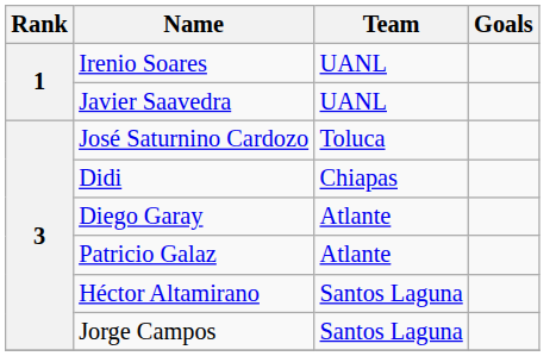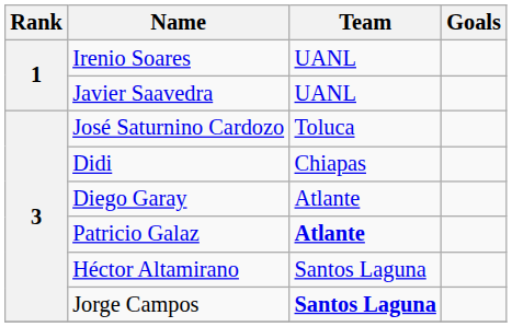 <table class="wikitable">
 <tr>
 <th>Rank</th>
 <th>Name</th>
 <th>Team</th>
 <th>Goals</th>
 </tr>
 <tr>
 <th rowspan=2>1</th>
 <td> <a href='#'>Irenio Soares</a></td>
 <td><a href='#'>UANL</a></td>
 <td></td>
 </tr>
 <tr>
 <td> <a href='#'>Javier Saavedra</a></td>
 <td><a href='#'>UANL</a></td>
 <td></td>
 </tr>
 <tr>
 <th rowspan=6>3</th>
 <td> <a href='#'>José Saturnino Cardozo</a></td>
 <td><a href='#'>Toluca</a></td>
 <td></td>
 </tr>
 <tr>
 <td> <a href='#'>Didi</a></td>
 <td><a href='#'>Chiapas</a></td>
 <td></td>
 </tr>
 <tr>
 <td> <a href='#'>Diego Garay</a></td>
 <td><a href='#'>Atlante</a></td>
 <td></td>
 </tr>
 <tr>
 <td> <a href='#'>Patricio Galaz</a></td>
-<td><a href='#'>Atlante</a></td>
+<td><strong><a href='#'>Atlante</a></strong></td>
 <td></td>
 </tr>
 <tr>
 <td> <a href='#'>Héctor Altamirano</a></td>
 <td><a href='#'>Santos Laguna</a></td>
 <td></td>
 </tr>
 <tr>
 <td> Jorge Campos</td>
-<td><a href='#'>Santos Laguna</a></td>
+<td><strong><a href='#'>Santos Laguna</a></strong></td>
 <td></td>
 </tr>
 <tr>
 </tr>
 </table>
